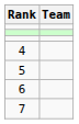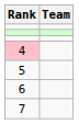 <table class="wikitable">
 <tr>
 <th>Rank</th>
 <th>Team</th>
 </tr>
 <tr>
 <td align=center></td>
 <td></td>
 </tr>
 <tr bgcolor=#ccffcc>
 <td align=center></td>
 <td></td>
 </tr>
 <tr>
 <td align=center></td>
 <td></td>
 </tr>
 <tr>
-<td align=center>4</td>
+<td align=center style="background: pink;">4</td>
 <td></td>
 </tr>
 <tr>
 <td align=center>5</td>
 <td></td>
 </tr>
 <tr>
 <td align=center>6</td>
 <td></td>
 </tr>
 <tr>
 <td align=center>7</td>
 <td></td>
 </tr>
 </table>
